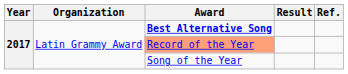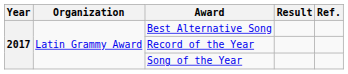 <table class="wikitable plainrowheaders">
 <tr>
 <th>Year</th>
 <th>Organization</th>
 <th>Award</th>
 <th>Result</th>
 <th>Ref.</th>
 </tr>
 <tr>
 <th scope="row" rowspan="3">2017</th>
 <td rowspan="3"><a href='#'>Latin Grammy Award</a></td>
-<td><strong><a href='#'>Best Alternative Song</a></strong></td>
+<td><a href='#'>Best Alternative Song</a></td>
 <td></td>
 <td style="text-align:center;"></td>
 </tr>
 <tr>
-<td style="background: lightsalmon;"><a href='#'>Record of the Year</a></td>
+<td><a href='#'>Record of the Year</a></td>
 <td></td>
 <td style="text-align:center;"></td>
 </tr>
 <tr>
 <td><a href='#'>Song of the Year</a></td>
 <td></td>
 <td style="text-align:center;"></td>
 </tr>
 </table>
